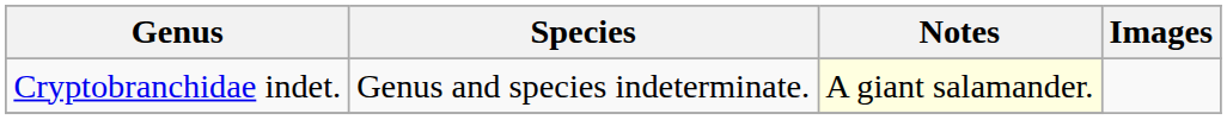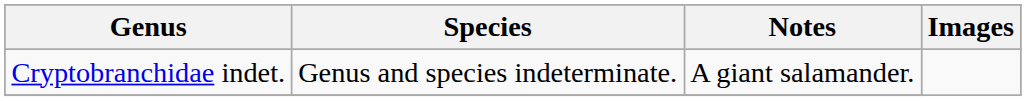 <table class="wikitable">
 <tr>
 <th>Genus</th>
 <th>Species</th>
 <th>Notes</th>
 <th>Images</th>
 </tr>
 <tr>
 <td><a href='#'>Cryptobranchidae</a> indet.</td>
 <td>Genus and species indeterminate.</td>
-<td style="background: lightyellow;">A giant salamander.</td>
+<td>A giant salamander.</td>
 </tr>
 <tr>
 </tr>
 </table>
